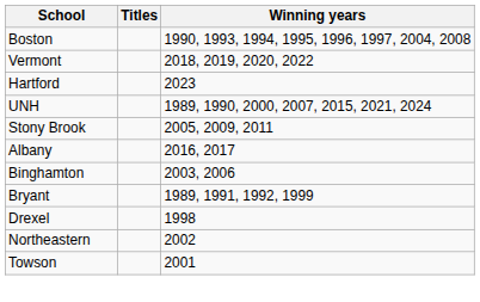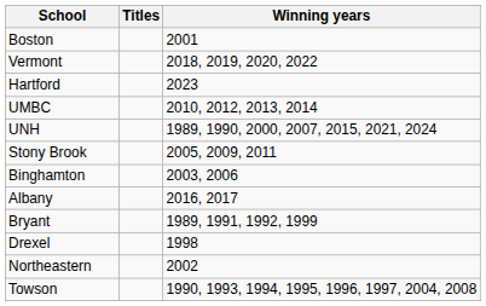 <table class="wikitable">
 <tr>
 <th width=120px>School</th>
 <th width=px>Titles</th>
 <th width=px>Winning years</th>
 </tr>
 <tr>
 <td>Boston </td>
 <td></td>
-<td>1990, 1993, 1994, 1995, 1996, 1997, 2004, 2008</td>
+<td>2001</td>
 </tr>
 <tr>
 <td>Vermont</td>
 <td></td>
 <td>2018, 2019, 2020, 2022</td>
 </tr>
 <tr>
 <td>Hartford</td>
 <td></td>
 <td>2023</td>
 </tr>
 <tr>
+<td>UMBC</td>
+<td></td>
+<td>2010, 2012, 2013, 2014</td>
+</tr>
+<tr>
 <td>UNH</td>
 <td></td>
 <td>1989, 1990, 2000, 2007, 2015, 2021, 2024</td>
 </tr>
 <tr>
 <td>Stony Brook</td>
 <td></td>
 <td>2005, 2009, 2011</td>
 </tr>
 <tr>
+<td>Binghamton</td>
+<td></td>
+<td>2003, 2006</td>
+</tr>
+<tr>
 <td>Albany</td>
 <td></td>
 <td>2016, 2017</td>
-</tr>
-<tr>
-<td>Binghamton</td>
-<td></td>
-<td>2003, 2006</td>
 </tr>
 <tr>
 <td>Bryant</td>
 <td></td>
 <td>1989, 1991, 1992, 1999</td>
 </tr>
 <tr>
 <td>Drexel </td>
 <td></td>
 <td>1998</td>
 </tr>
 <tr>
 <td>Northeastern </td>
 <td></td>
 <td>2002</td>
 </tr>
 <tr>
 <td>Towson </td>
 <td></td>
-<td>2001</td>
+<td>1990, 1993, 1994, 1995, 1996, 1997, 2004, 2008</td>
 </tr>
 </table>
